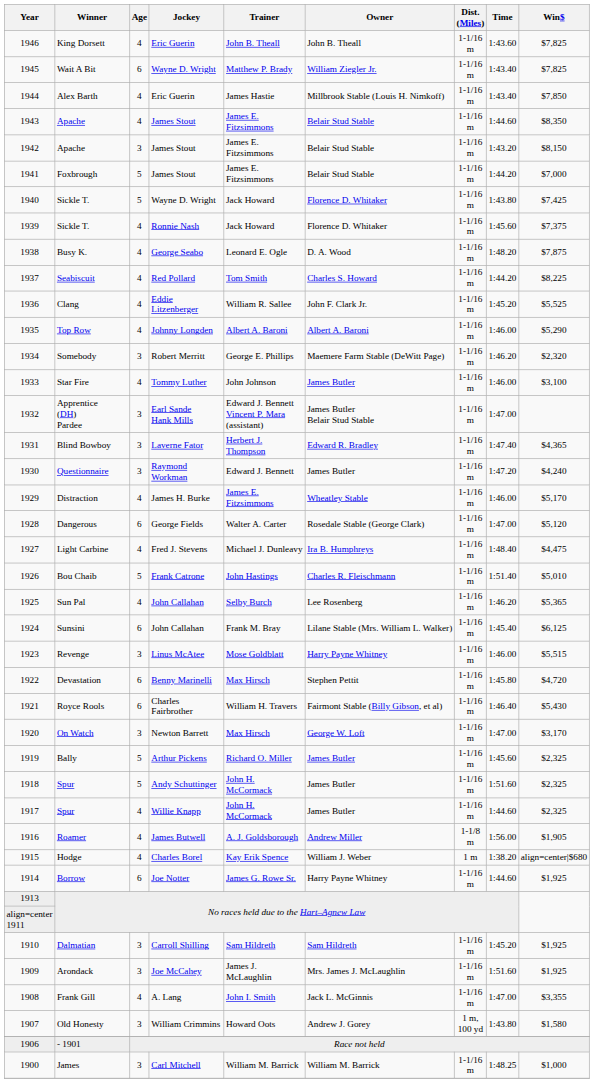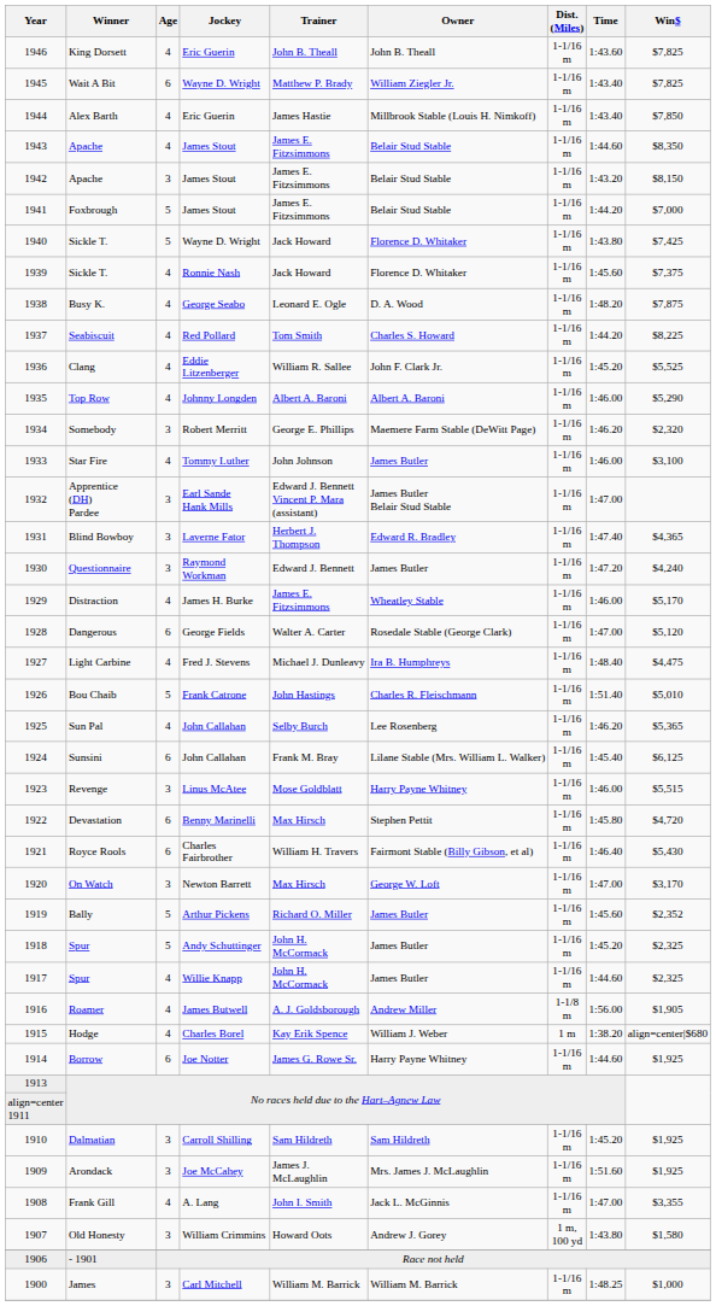 <table class="wikitable sortable" style="font-size:90%">
 <tr>
 <th style="width:30px">Year<br></th>
 <th style="width:110px">Winner<br></th>
 <th style="width:20px">Age<br></th>
 <th style="width:110px">Jockey<br></th>
 <th style="width:120px">Trainer<br></th>
 <th>Owner<br></th>
 <th style="width:25px">Dist.<br> <span>(<a href='#'>Miles</a>)</span></th>
 <th style="width:25px">Time<br></th>
 <th style="width:25px">Win<a href='#'>$</a><br></th>
 </tr>
 <tr>
 <td align=center>1946</td>
 <td>King Dorsett</td>
 <td align=center>4</td>
 <td><a href='#'>Eric Guerin</a></td>
 <td><a href='#'>John B. Theall</a></td>
 <td>John B. Theall</td>
 <td align=center>1-1/16 m</td>
 <td>1:43.60</td>
 <td align=center>$7,825</td>
 </tr>
 <tr>
 <td align=center>1945</td>
 <td>Wait A Bit</td>
 <td align=center>6</td>
 <td><a href='#'>Wayne D. Wright</a></td>
 <td><a href='#'>Matthew P. Brady</a></td>
 <td><a href='#'>William Ziegler Jr.</a></td>
 <td align=center>1-1/16 m</td>
 <td>1:43.40</td>
 <td align=center>$7,825</td>
 </tr>
 <tr>
 <td align=center>1944</td>
 <td>Alex Barth</td>
 <td align=center>4</td>
 <td>Eric Guerin</td>
 <td>James Hastie</td>
 <td>Millbrook Stable (Louis H. Nimkoff)</td>
 <td align=center>1-1/16 m</td>
 <td>1:43.40</td>
 <td align=center>$7,850</td>
 </tr>
 <tr>
 <td align=center>1943</td>
 <td><a href='#'>Apache</a></td>
 <td align=center>4</td>
 <td><a href='#'>James Stout</a></td>
 <td><a href='#'>James E. Fitzsimmons</a></td>
 <td><a href='#'>Belair Stud Stable</a></td>
 <td align=center>1-1/16 m</td>
 <td>1:44.60</td>
 <td align=center>$8,350</td>
 </tr>
 <tr>
 <td align=center>1942</td>
 <td>Apache</td>
 <td align=center>3</td>
 <td>James Stout</td>
 <td>James E. Fitzsimmons</td>
 <td>Belair Stud Stable</td>
 <td align=center>1-1/16 m</td>
 <td>1:43.20</td>
 <td align=center>$8,150</td>
 </tr>
 <tr>
 <td align=center>1941</td>
 <td>Foxbrough</td>
 <td align=center>5</td>
 <td>James Stout</td>
 <td>James E. Fitzsimmons</td>
 <td>Belair Stud Stable</td>
 <td align=center>1-1/16 m</td>
 <td>1:44.20</td>
 <td align=center>$7,000</td>
 </tr>
 <tr>
 <td align=center>1940</td>
 <td>Sickle T.</td>
 <td align=center>5</td>
 <td>Wayne D. Wright</td>
 <td>Jack Howard</td>
 <td><a href='#'>Florence D. Whitaker</a></td>
 <td align=center>1-1/16 m</td>
 <td>1:43.80</td>
 <td align=center>$7,425</td>
 </tr>
 <tr>
 <td align=center>1939</td>
 <td>Sickle T.</td>
 <td align=center>4</td>
 <td><a href='#'>Ronnie Nash</a></td>
 <td>Jack Howard</td>
 <td>Florence D. Whitaker</td>
 <td align=center>1-1/16 m</td>
 <td>1:45.60</td>
 <td align=center>$7,375</td>
 </tr>
 <tr>
 <td align=center>1938</td>
 <td>Busy K.</td>
 <td align=center>4</td>
 <td><a href='#'>George Seabo</a></td>
 <td>Leonard E. Ogle</td>
 <td>D. A. Wood</td>
 <td align=center>1-1/16 m</td>
 <td>1:48.20</td>
 <td align=center>$7,875</td>
 </tr>
 <tr>
 <td align=center>1937</td>
 <td><a href='#'>Seabiscuit</a></td>
 <td align=center>4</td>
 <td><a href='#'>Red Pollard</a></td>
 <td><a href='#'>Tom Smith</a></td>
 <td><a href='#'>Charles S. Howard</a></td>
 <td align=center>1-1/16 m</td>
 <td>1:44.20</td>
 <td align=center>$8,225</td>
 </tr>
 <tr>
 <td align=center>1936</td>
 <td>Clang</td>
 <td align=center>4</td>
 <td><a href='#'>Eddie Litzenberger</a></td>
 <td>William R. Sallee</td>
 <td>John F. Clark Jr.</td>
 <td align=center>1-1/16 m</td>
 <td>1:45.20</td>
 <td align=center>$5,525</td>
 </tr>
 <tr>
 <td align=center>1935</td>
 <td><a href='#'>Top Row</a></td>
 <td align=center>4</td>
 <td><a href='#'>Johnny Longden</a></td>
 <td><a href='#'>Albert A. Baroni</a></td>
 <td><a href='#'>Albert A. Baroni</a></td>
 <td align=center>1-1/16 m</td>
 <td>1:46.00</td>
 <td align=center>$5,290</td>
 </tr>
 <tr>
 <td align=center>1934</td>
 <td>Somebody</td>
 <td align=center>3</td>
 <td>Robert Merritt</td>
 <td>George E. Phillips</td>
 <td>Maemere Farm Stable (DeWitt Page)</td>
 <td align=center>1-1/16 m</td>
 <td>1:46.20</td>
 <td align=center>$2,320</td>
 </tr>
 <tr>
 <td align=center>1933</td>
 <td>Star Fire</td>
 <td align=center>4</td>
 <td><a href='#'>Tommy Luther</a></td>
 <td>John Johnson</td>
 <td><a href='#'>James Butler</a></td>
 <td align=center>1-1/16 m</td>
 <td>1:46.00</td>
 <td align=center>$3,100</td>
 </tr>
 <tr>
 <td align=center>1932</td>
 <td>Apprentice<br>(<a href='#'>DH</a>)<br> Pardee</td>
 <td align=center>3<br></td>
 <td><a href='#'>Earl Sande</a><br><a href='#'>Hank Mills</a></td>
 <td>Edward J. Bennett<br><a href='#'>Vincent P. Mara</a> (assistant)<br></td>
 <td>James Butler<br>Belair Stud Stable</td>
 <td align=center>1-1/16 m</td>
 <td>1:47.00</td>
 </tr>
 <tr>
 <td align=center>1931</td>
 <td>Blind Bowboy</td>
 <td align=center>3</td>
 <td><a href='#'>Laverne Fator</a></td>
 <td><a href='#'>Herbert J. Thompson</a></td>
 <td><a href='#'>Edward R. Bradley</a></td>
 <td align=center>1-1/16 m</td>
 <td>1:47.40</td>
 <td align=center>$4,365</td>
 </tr>
 <tr>
 <td align=center>1930</td>
 <td><a href='#'>Questionnaire</a></td>
 <td align=center>3</td>
 <td><a href='#'>Raymond Workman</a></td>
 <td>Edward J. Bennett</td>
 <td>James Butler</td>
 <td align=center>1-1/16 m</td>
 <td>1:47.20</td>
 <td align=center>$4,240</td>
 </tr>
 <tr>
 <td align=center>1929</td>
 <td>Distraction</td>
 <td align=center>4</td>
 <td>James H. Burke</td>
 <td><a href='#'>James E. Fitzsimmons</a></td>
 <td><a href='#'>Wheatley Stable</a></td>
 <td align=center>1-1/16 m</td>
 <td>1:46.00</td>
 <td align=center>$5,170</td>
 </tr>
 <tr>
 <td align=center>1928</td>
 <td>Dangerous</td>
 <td align=center>6</td>
 <td>George Fields</td>
 <td>Walter A. Carter</td>
 <td>Rosedale Stable (George Clark)</td>
 <td align=center>1-1/16 m</td>
 <td>1:47.00</td>
 <td align=center>$5,120</td>
 </tr>
 <tr>
 <td align=center>1927</td>
 <td>Light Carbine</td>
 <td align=center>4</td>
 <td>Fred J. Stevens</td>
 <td>Michael J. Dunleavy</td>
 <td><a href='#'>Ira B. Humphreys</a></td>
 <td align=center>1-1/16 m</td>
 <td>1:48.40</td>
 <td align=center>$4,475</td>
 </tr>
 <tr>
 <td align=center>1926</td>
 <td>Bou Chaib</td>
 <td align=center>5</td>
 <td><a href='#'>Frank Catrone</a></td>
 <td><a href='#'>John Hastings</a></td>
 <td><a href='#'>Charles R. Fleischmann</a></td>
 <td align=center>1-1/16 m</td>
 <td>1:51.40</td>
 <td align=center>$5,010</td>
 </tr>
 <tr>
 <td align=center>1925</td>
 <td>Sun Pal</td>
 <td align=center>4</td>
 <td><a href='#'>John Callahan</a></td>
 <td><a href='#'>Selby Burch</a></td>
 <td>Lee Rosenberg</td>
 <td align=center>1-1/16 m</td>
 <td>1:46.20</td>
 <td align=center>$5,365</td>
 </tr>
 <tr>
 <td align=center>1924</td>
 <td>Sunsini</td>
 <td align=center>6</td>
 <td>John Callahan</td>
 <td>Frank M. Bray</td>
 <td>Lilane Stable (Mrs. William L. Walker)</td>
 <td align=center>1-1/16 m</td>
 <td>1:45.40</td>
 <td align=center>$6,125</td>
 </tr>
 <tr>
 <td align=center>1923</td>
 <td>Revenge</td>
 <td align=center>3</td>
 <td><a href='#'>Linus McAtee</a></td>
 <td><a href='#'>Mose Goldblatt</a></td>
 <td><a href='#'>Harry Payne Whitney</a></td>
 <td align=center>1-1/16 m</td>
 <td>1:46.00</td>
 <td align=center>$5,515</td>
 </tr>
 <tr>
 <td align=center>1922</td>
 <td>Devastation</td>
 <td align=center>6</td>
 <td><a href='#'>Benny Marinelli</a></td>
 <td><a href='#'>Max Hirsch</a></td>
 <td>Stephen Pettit</td>
 <td align=center>1-1/16 m</td>
 <td>1:45.80</td>
 <td align=center>$4,720</td>
 </tr>
 <tr>
 <td align=center>1921</td>
 <td>Royce Rools</td>
 <td align=center>6</td>
 <td>Charles Fairbrother</td>
 <td>William H. Travers</td>
 <td>Fairmont Stable (<a href='#'>Billy Gibson</a>, et al)</td>
 <td align=center>1-1/16 m</td>
 <td>1:46.40</td>
 <td align=center>$5,430</td>
 </tr>
 <tr>
 <td align=center>1920</td>
 <td><a href='#'>On Watch</a></td>
 <td align=center>3</td>
 <td>Newton Barrett</td>
 <td><a href='#'>Max Hirsch</a></td>
 <td><a href='#'>George W. Loft</a></td>
 <td align=center>1-1/16 m</td>
 <td>1:47.00</td>
 <td align=center>$3,170</td>
 </tr>
 <tr>
 <td align=center>1919</td>
 <td>Bally</td>
 <td align=center>5</td>
 <td><a href='#'>Arthur Pickens</a></td>
 <td><a href='#'>Richard O. Miller</a></td>
 <td><a href='#'>James Butler</a></td>
 <td align=center>1-1/16 m</td>
 <td>1:45.60</td>
-<td align=center>$2,325</td>
+<td align=center>$2,352</td>
 </tr>
 <tr>
 <td align=center>1918</td>
 <td><a href='#'>Spur</a></td>
 <td align=center>5</td>
 <td><a href='#'>Andy Schuttinger</a></td>
 <td><a href='#'>John H. McCormack</a></td>
 <td>James Butler</td>
 <td align=center>1-1/16 m</td>
-<td>1:51.60</td>
+<td>1:45.20</td>
 <td align=center>$2,325</td>
 </tr>
 <tr>
 <td align=center>1917</td>
 <td><a href='#'>Spur</a></td>
 <td align=center>4</td>
 <td><a href='#'>Willie Knapp</a></td>
 <td><a href='#'>John H. McCormack</a></td>
 <td>James Butler</td>
 <td align=center>1-1/16 m</td>
 <td>1:44.60</td>
 <td align=center>$2,325</td>
 </tr>
 <tr>
 <td align=center>1916</td>
 <td><a href='#'>Roamer</a></td>
 <td align=center>4</td>
 <td><a href='#'>James Butwell</a></td>
 <td><a href='#'>A. J. Goldsborough</a></td>
 <td><a href='#'>Andrew Miller</a></td>
 <td align=center>1-1/8 m</td>
 <td>1:56.00</td>
 <td align=center>$1,905</td>
 </tr>
 <tr>
 <td align=center>1915</td>
 <td>Hodge</td>
 <td align=center>4</td>
 <td><a href='#'>Charles Borel</a></td>
 <td><a href='#'>Kay Erik Spence</a></td>
 <td>William J. Weber</td>
 <td align=center>1 m</td>
 <td>1:38.20</td>
 <td>align=center|$680</td>
 </tr>
 <tr>
 <td align=center>1914</td>
 <td><a href='#'>Borrow</a></td>
 <td align=center>6</td>
 <td><a href='#'>Joe Notter</a></td>
 <td><a href='#'>James G. Rowe Sr.</a></td>
 <td>Harry Payne Whitney</td>
 <td align=center>1-1/16 m</td>
 <td>1:44.60</td>
 <td align=center>$1,925</td>
 </tr>
 <tr style="background:#eee;">
 <td align=center>1913</td>
 <td rowspan="2" colspan="7" style="text-align:center;"><em>No races held due to the <a href='#'>Hart–Agnew Law</a></em></td>
 </tr>
 <tr style="background:#eee;">
 <td>align=center 1911</td>
 </tr>
 <tr>
 <td align=center>1910</td>
 <td><a href='#'>Dalmatian</a></td>
 <td align=center>3</td>
 <td><a href='#'>Carroll Shilling</a></td>
 <td><a href='#'>Sam Hildreth</a></td>
 <td><a href='#'>Sam Hildreth</a></td>
 <td align=center>1-1/16 m</td>
 <td>1:45.20</td>
 <td align=center>$1,925</td>
 </tr>
 <tr>
 <td align=center>1909</td>
 <td>Arondack</td>
 <td align=center>3</td>
 <td><a href='#'>Joe McCahey</a></td>
 <td>James J. McLaughlin</td>
 <td>Mrs. James J. McLaughlin</td>
 <td align=center>1-1/16 m</td>
 <td>1:51.60</td>
 <td align=center>$1,925</td>
 </tr>
 <tr>
 <td align=center>1908</td>
 <td>Frank Gill</td>
 <td align=center>4</td>
 <td>A. Lang</td>
 <td><a href='#'>John I. Smith</a></td>
 <td>Jack L. McGinnis</td>
 <td align=center>1-1/16 m</td>
 <td>1:47.00</td>
 <td align=center>$3,355</td>
 </tr>
 <tr>
 <td align=center>1907</td>
 <td>Old Honesty</td>
 <td align=center>3</td>
 <td>William Crimmins</td>
 <td>Howard Oots</td>
 <td>Andrew J. Gorey</td>
 <td align=center>1 m, 100 yd</td>
 <td>1:43.80</td>
 <td align=center>$1,580</td>
 </tr>
 <tr>
 </tr>
 <tr bgcolor="#eeeeee">
 <td align=center>1906</td>
 <td>- 1901</td>
 <td align=center colspan=9><em>Race not held</em></td>
 </tr>
 <tr>
 <td align=center>1900</td>
 <td>James</td>
 <td align=center>3</td>
 <td><a href='#'>Carl Mitchell</a></td>
 <td>William M. Barrick</td>
 <td>William M. Barrick</td>
 <td align=center>1-1/16 m</td>
 <td>1:48.25</td>
 <td align=center>$1,000</td>
 </tr>
 <tr>
 </tr>
 </table>
